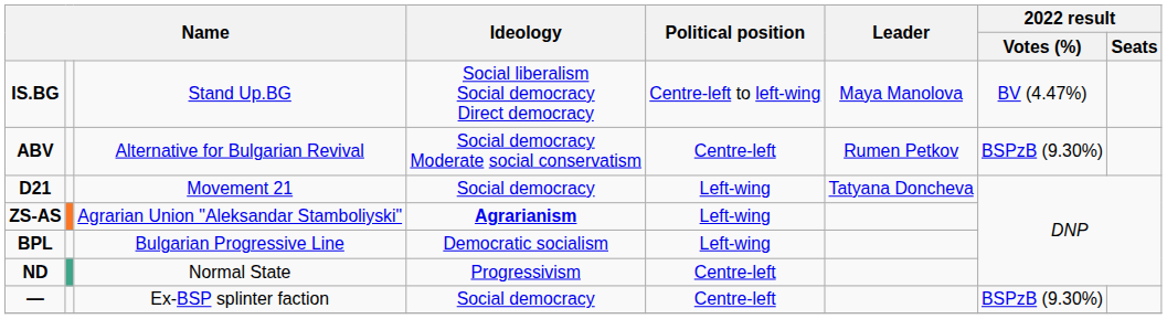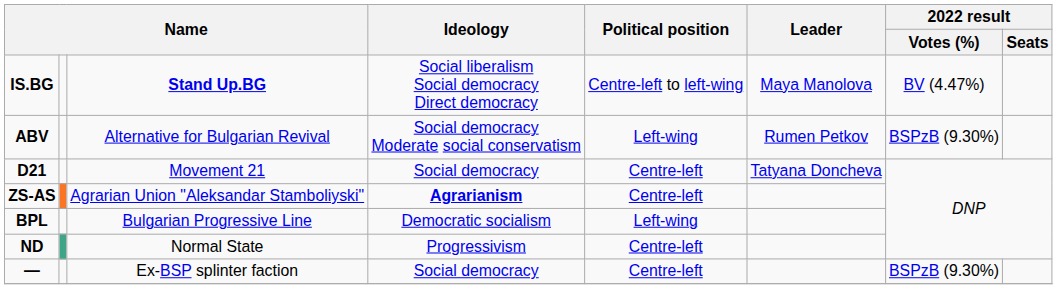 <table class="wikitable" style="text-align:center">
 <tr>
 <th colspan="3" rowspan="2">Name</th>
 <th rowspan="2">Ideology</th>
 <th rowspan="2">Political position</th>
 <th rowspan="2">Leader</th>
 <th colspan="2">2022 result</th>
 </tr>
 <tr>
 <th>Votes (%)</th>
 <th>Seats</th>
 </tr>
 <tr>
 <td><strong>IS.BG</strong></td>
 <td style="background:"></td>
-<td><a href='#'>Stand Up.BG</a></td>
+<td><strong><a href='#'>Stand Up.BG</a></strong></td>
 <td><a href='#'>Social liberalism</a><br><a href='#'>Social democracy</a><br><a href='#'>Direct democracy</a></td>
 <td><a href='#'>Centre-left</a> to <a href='#'>left-wing</a></td>
 <td><a href='#'>Maya Manolova</a></td>
 <td style="text-align:center"><a href='#'>BV</a> (4.47%)</td>
 <td></td>
 </tr>
 <tr>
 <td><strong>ABV</strong></td>
 <td style="background:"></td>
 <td><a href='#'>Alternative for Bulgarian Revival</a></td>
 <td><a href='#'>Social democracy</a><br><a href='#'>Moderate</a> <a href='#'>social conservatism</a></td>
-<td><a href='#'>Centre-left</a></td>
+<td><a href='#'>Left-wing</a></td>
 <td><a href='#'>Rumen Petkov</a></td>
 <td style="text-align:center"><a href='#'>BSPzB</a> (9.30%)</td>
 <td></td>
 </tr>
 <tr>
 <td><strong>D21</strong></td>
 <td style="background:"></td>
 <td><a href='#'>Movement 21</a></td>
 <td><a href='#'>Social democracy</a></td>
-<td><a href='#'>Left-wing</a></td>
+<td><a href='#'>Centre-left</a></td>
 <td><a href='#'>Tatyana Doncheva</a></td>
 <td colspan="2" rowspan="4" style="text-align:center"><em>DNP</em></td>
 </tr>
 <tr>
 <td><strong>ZS-AS</strong></td>
 <td style="background:#FA7624"></td>
 <td><a href='#'>Agrarian Union "Aleksandar Stamboliyski"</a></td>
 <td><strong><a href='#'>Agrarianism</a></strong></td>
-<td><a href='#'>Left-wing</a></td>
+<td><a href='#'>Centre-left</a></td>
 <td></td>
 </tr>
 <tr>
 <td><strong>BPL</strong></td>
 <td style="background:"></td>
 <td><a href='#'>Bulgarian Progressive Line</a></td>
 <td><a href='#'>Democratic socialism</a></td>
 <td><a href='#'>Left-wing</a></td>
 <td></td>
 </tr>
 <tr>
 <td><strong>ND</strong></td>
 <td style="background:#3EA588"></td>
 <td>Normal State</td>
 <td><a href='#'>Progressivism</a></td>
 <td><a href='#'>Centre-left</a></td>
 <td></td>
 </tr>
 <tr>
 <td><strong>—</strong></td>
 <td style="background:"></td>
 <td>Ex-<a href='#'>BSP</a> splinter faction</td>
 <td><a href='#'>Social democracy</a></td>
 <td><a href='#'>Centre-left</a></td>
 <td></td>
 <td style="text-align:center"><a href='#'>BSPzB</a> (9.30%)</td>
 <td></td>
 </tr>
 <tr>
 </tr>
 </table>
